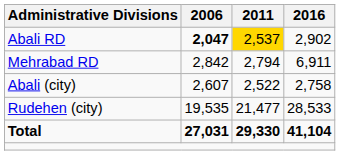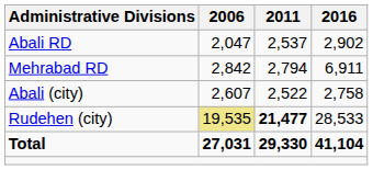 <table class="wikitable">
 <tr>
 <th>Administrative Divisions</th>
 <th>2006</th>
 <th>2011</th>
 <th>2016</th>
 </tr>
 <tr>
 <td><a href='#'>Abali RD</a></td>
-<td style="text-align: right;"><strong>2,047</strong></td>
-<td style="background: gold; text-align: right;">2,537</td>
+<td style="text-align: right;">2,047</td>
+<td style="text-align: right;">2,537</td>
 <td style="text-align: right;">2,902</td>
 </tr>
 <tr>
 <td><a href='#'>Mehrabad RD</a></td>
 <td style="text-align: right;">2,842</td>
 <td style="text-align: right;">2,794</td>
 <td style="text-align: right;">6,911</td>
 </tr>
 <tr>
 <td><a href='#'>Abali</a> (city)</td>
 <td style="text-align: right;">2,607</td>
 <td style="text-align: right;">2,522</td>
 <td style="text-align: right;">2,758</td>
 </tr>
 <tr>
 <td><a href='#'>Rudehen</a> (city)</td>
-<td style="text-align: right;">19,535</td>
-<td style="text-align: right;">21,477</td>
+<td style="background: khaki; text-align: right;">19,535</td>
+<td style="text-align: right;"><strong>21,477</strong></td>
 <td style="text-align: right;">28,533</td>
 </tr>
 <tr>
 <td><strong>Total</strong></td>
 <td style="text-align: right;"><strong>27,031</strong></td>
 <td style="text-align: right;"><strong>29,330</strong></td>
 <td style="text-align: right;"><strong>41,104</strong></td>
 </tr>
 <tr>
 <td colspan=4></td>
 </tr>
 </table>
